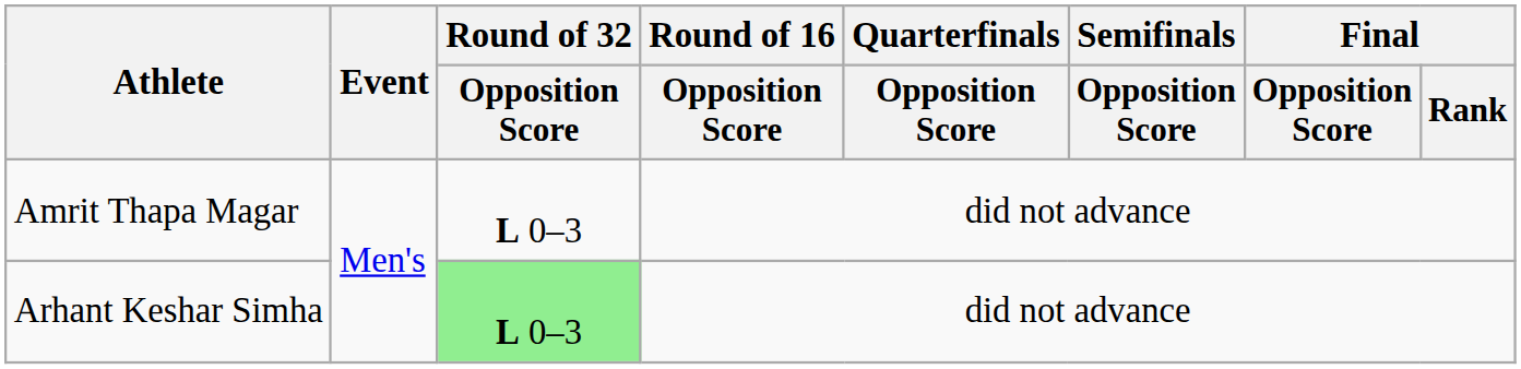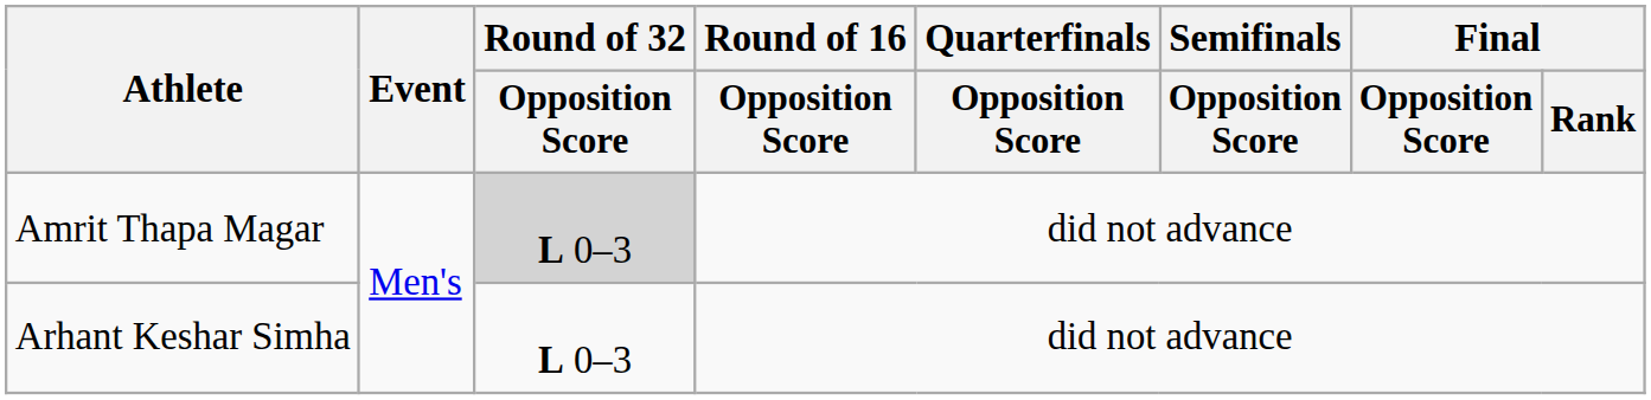 <table class=wikitable style="font-size:90%; text-align:center;">
 <tr>
 <th rowspan="2">Athlete</th>
 <th rowspan="2">Event</th>
 <th>Round of 32</th>
 <th>Round of 16</th>
 <th>Quarterfinals</th>
 <th>Semifinals</th>
 <th colspan=2>Final</th>
 </tr>
 <tr style="font-size:95%">
 <th>Opposition<br>Score</th>
 <th>Opposition<br>Score</th>
 <th>Opposition<br>Score</th>
 <th>Opposition<br>Score</th>
 <th>Opposition<br>Score</th>
 <th>Rank</th>
 </tr>
 <tr>
 <td align=left>Amrit Thapa Magar</td>
 <td align=left rowspan=2><a href='#'>Men's</a></td>
-<td><br><strong>L</strong> 0–3</td>
+<td style="background: lightgrey;"><br><strong>L</strong> 0–3</td>
 <td colspan=5>did not advance</td>
 </tr>
 <tr>
 <td align=left>Arhant Keshar Simha</td>
-<td style="background: lightgreen;"><br><strong>L</strong> 0–3</td>
+<td><br><strong>L</strong> 0–3</td>
 <td colspan=5>did not advance</td>
 </tr>
 </table>
